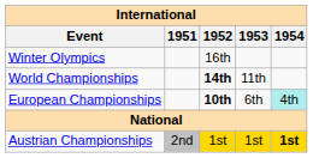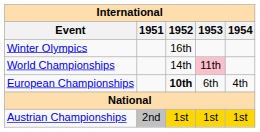 <table class="wikitable" style="text-align:center">
 <tr>
 <th style="background-color: #ffdead; " colspan=5 align=center>International</th>
 </tr>
 <tr>
 <th>Event</th>
 <th>1951</th>
 <th>1952</th>
 <th>1953</th>
 <th>1954</th>
 </tr>
 <tr>
 <td align=left><a href='#'>Winter Olympics</a></td>
 <td></td>
 <td>16th</td>
 <td></td>
 <td></td>
 </tr>
 <tr>
 <td align=left><a href='#'>World Championships</a></td>
 <td></td>
-<td><strong>14th</strong></td>
-<td>11th</td>
+<td>14th</td>
+<td style="background: pink;">11th</td>
 <td></td>
 </tr>
 <tr>
 <td align=left><a href='#'>European Championships</a></td>
 <td></td>
 <td><strong>10th</strong></td>
 <td>6th</td>
-<td style="background: paleturquoise;">4th</td>
+<td>4th</td>
 </tr>
 <tr>
 <th style="background-color: #ffdead; " colspan=5 align=center>National</th>
 </tr>
 <tr>
 <td align=left><a href='#'>Austrian Championships</a></td>
 <td bgcolor=silver>2nd</td>
 <td bgcolor=gold>1st</td>
 <td bgcolor=gold>1st</td>
-<td bgcolor=gold><strong>1st</strong></td>
+<td bgcolor=gold>1st</td>
 </tr>
 </table>
